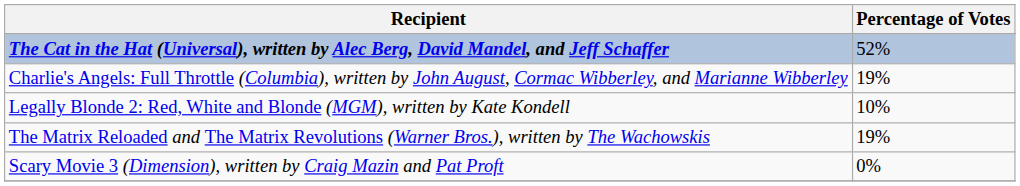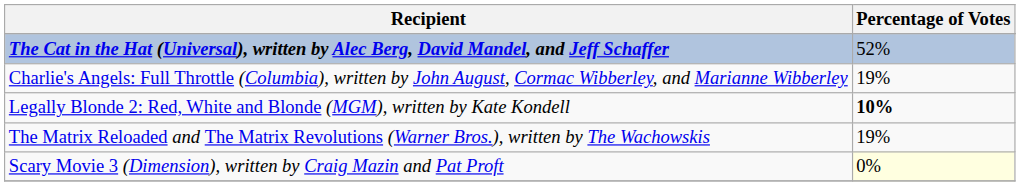 <table class="wikitable sortable plainrowheaders" align="centre">
 <tr>
 <th>Recipient</th>
 <th>Percentage of Votes</th>
 </tr>
 <tr>
 </tr>
 <tr style="background:#B0C4DE;">
 <td><strong><em><a href='#'>The Cat in the Hat</a><em> (<a href='#'>Universal</a>), written by <a href='#'>Alec Berg</a>, <a href='#'>David Mandel</a>, and <a href='#'>Jeff Schaffer</a><strong></td>
 <td></strong>52%<strong></td>
 </tr>
 <tr>
 <td></em><a href='#'>Charlie's Angels: Full Throttle</a><em> (<a href='#'>Columbia</a>), written by <a href='#'>John August</a>, <a href='#'>Cormac Wibberley</a>, and <a href='#'>Marianne Wibberley</a></td>
 <td>19%</td>
 </tr>
 <tr>
 <td></em><a href='#'>Legally Blonde 2: Red, White and Blonde</a><em> (<a href='#'>MGM</a>), written by Kate Kondell</td>
-<td>10%</td>
+<td><strong>10%</strong></td>
 </tr>
 <tr>
 <td></em><a href='#'>The Matrix Reloaded</a><em> and </em><a href='#'>The Matrix Revolutions</a><em> (<a href='#'>Warner Bros.</a>), written by <a href='#'>The Wachowskis</a></td>
 <td>19%</td>
 </tr>
 <tr>
 <td></em><a href='#'>Scary Movie 3</a><em> (<a href='#'>Dimension</a>), written by <a href='#'>Craig Mazin</a> and <a href='#'>Pat Proft</a></td>
-<td>0%</td>
+<td style="background: lightyellow;">0%</td>
 </tr>
 <tr>
 </tr>
 </table>
